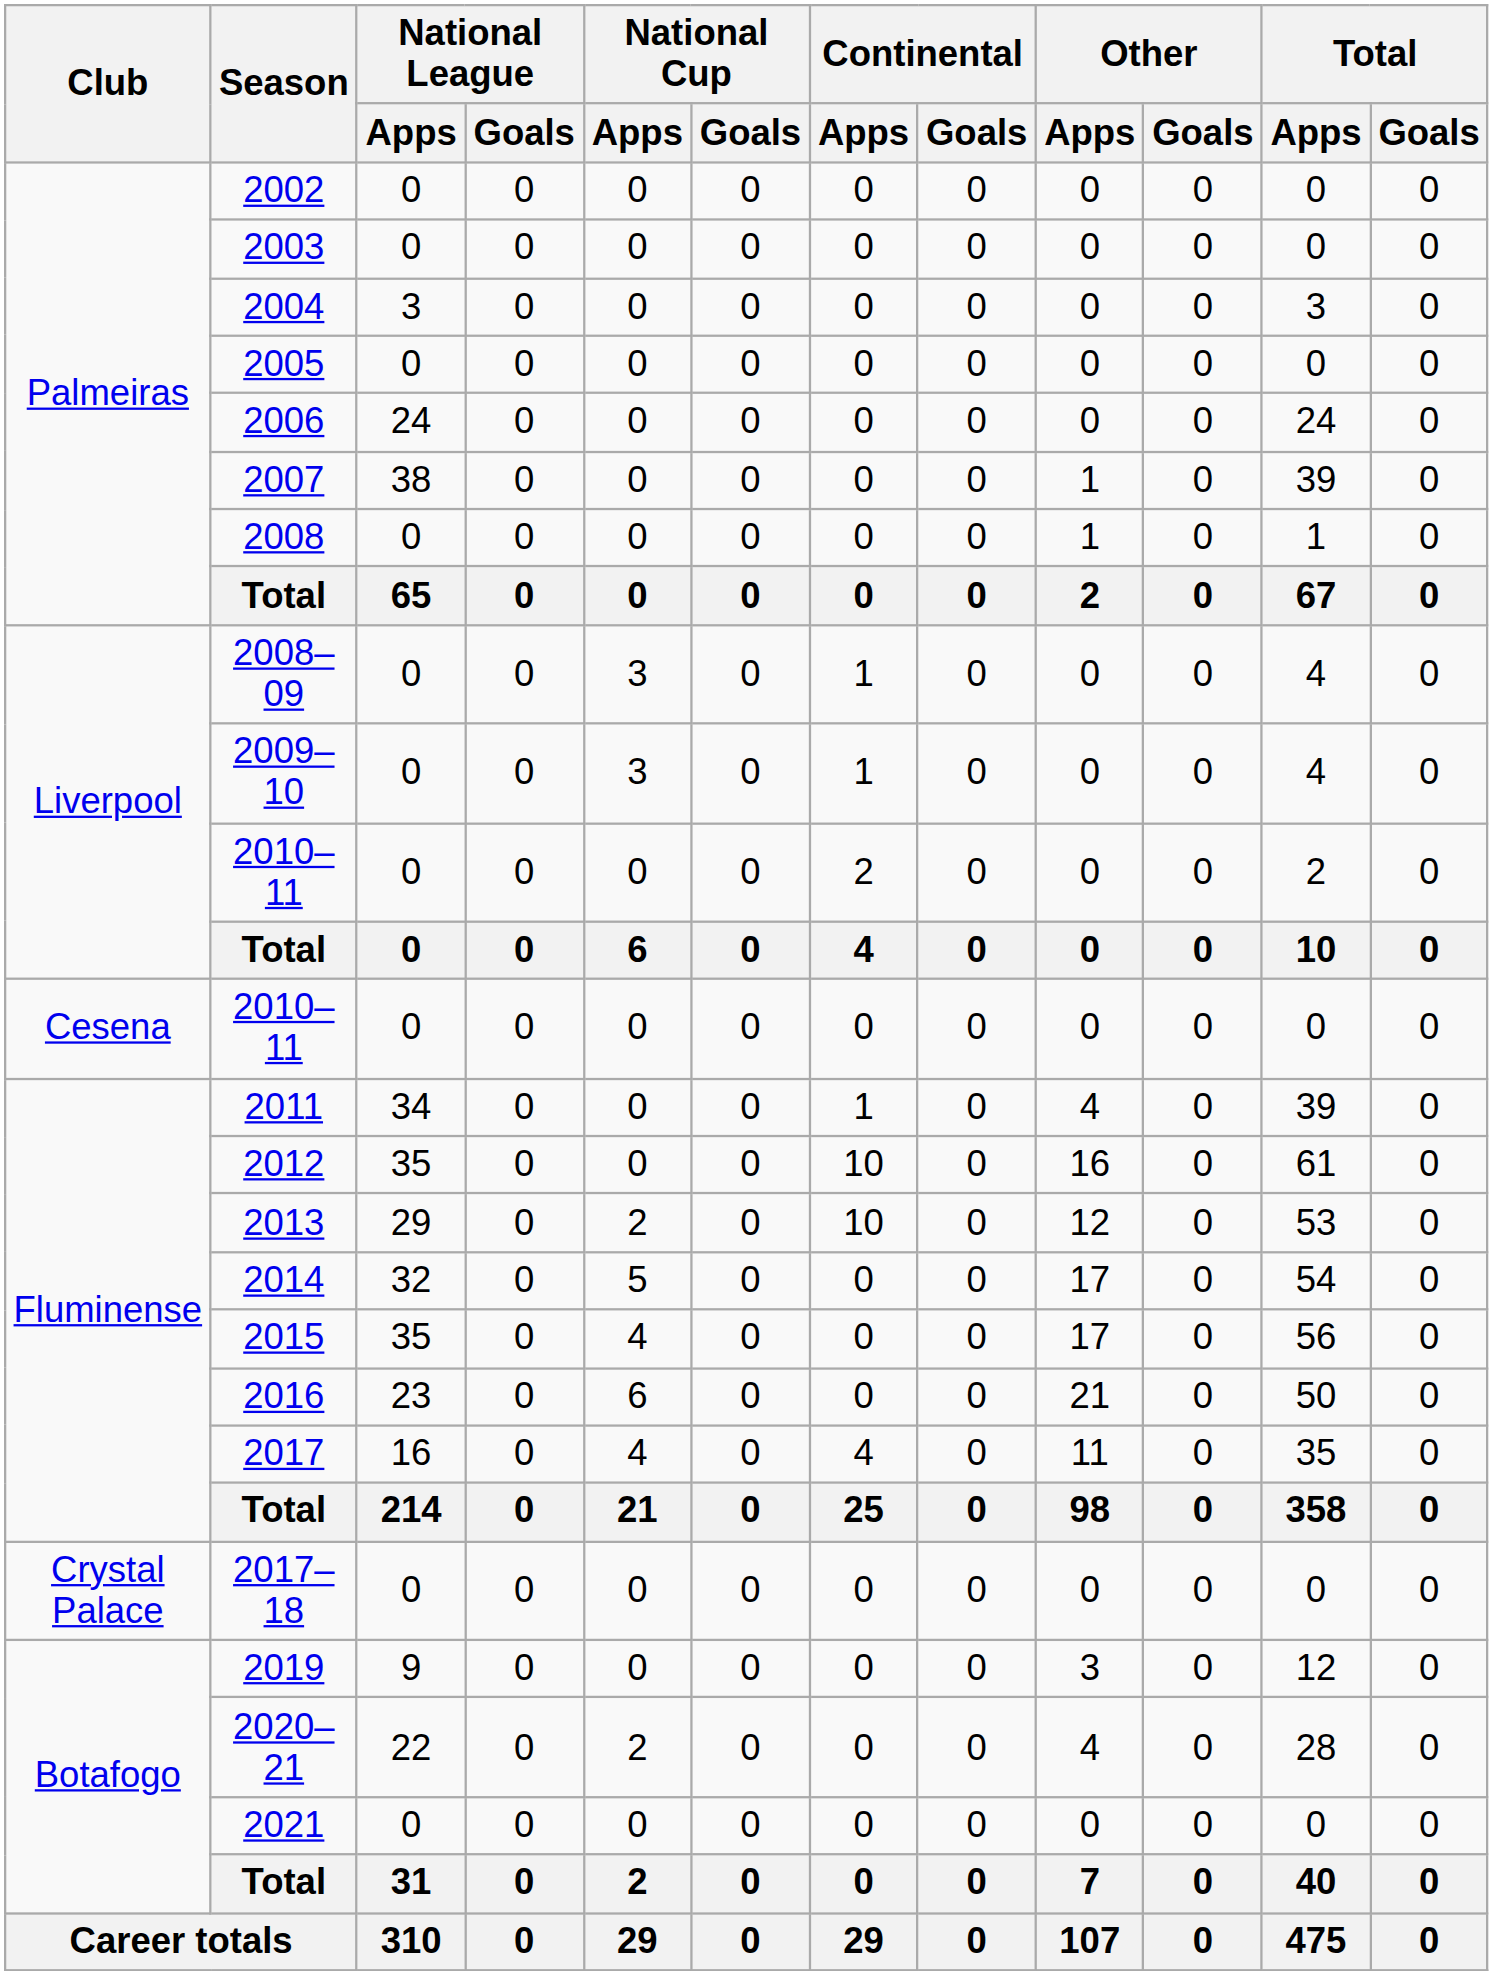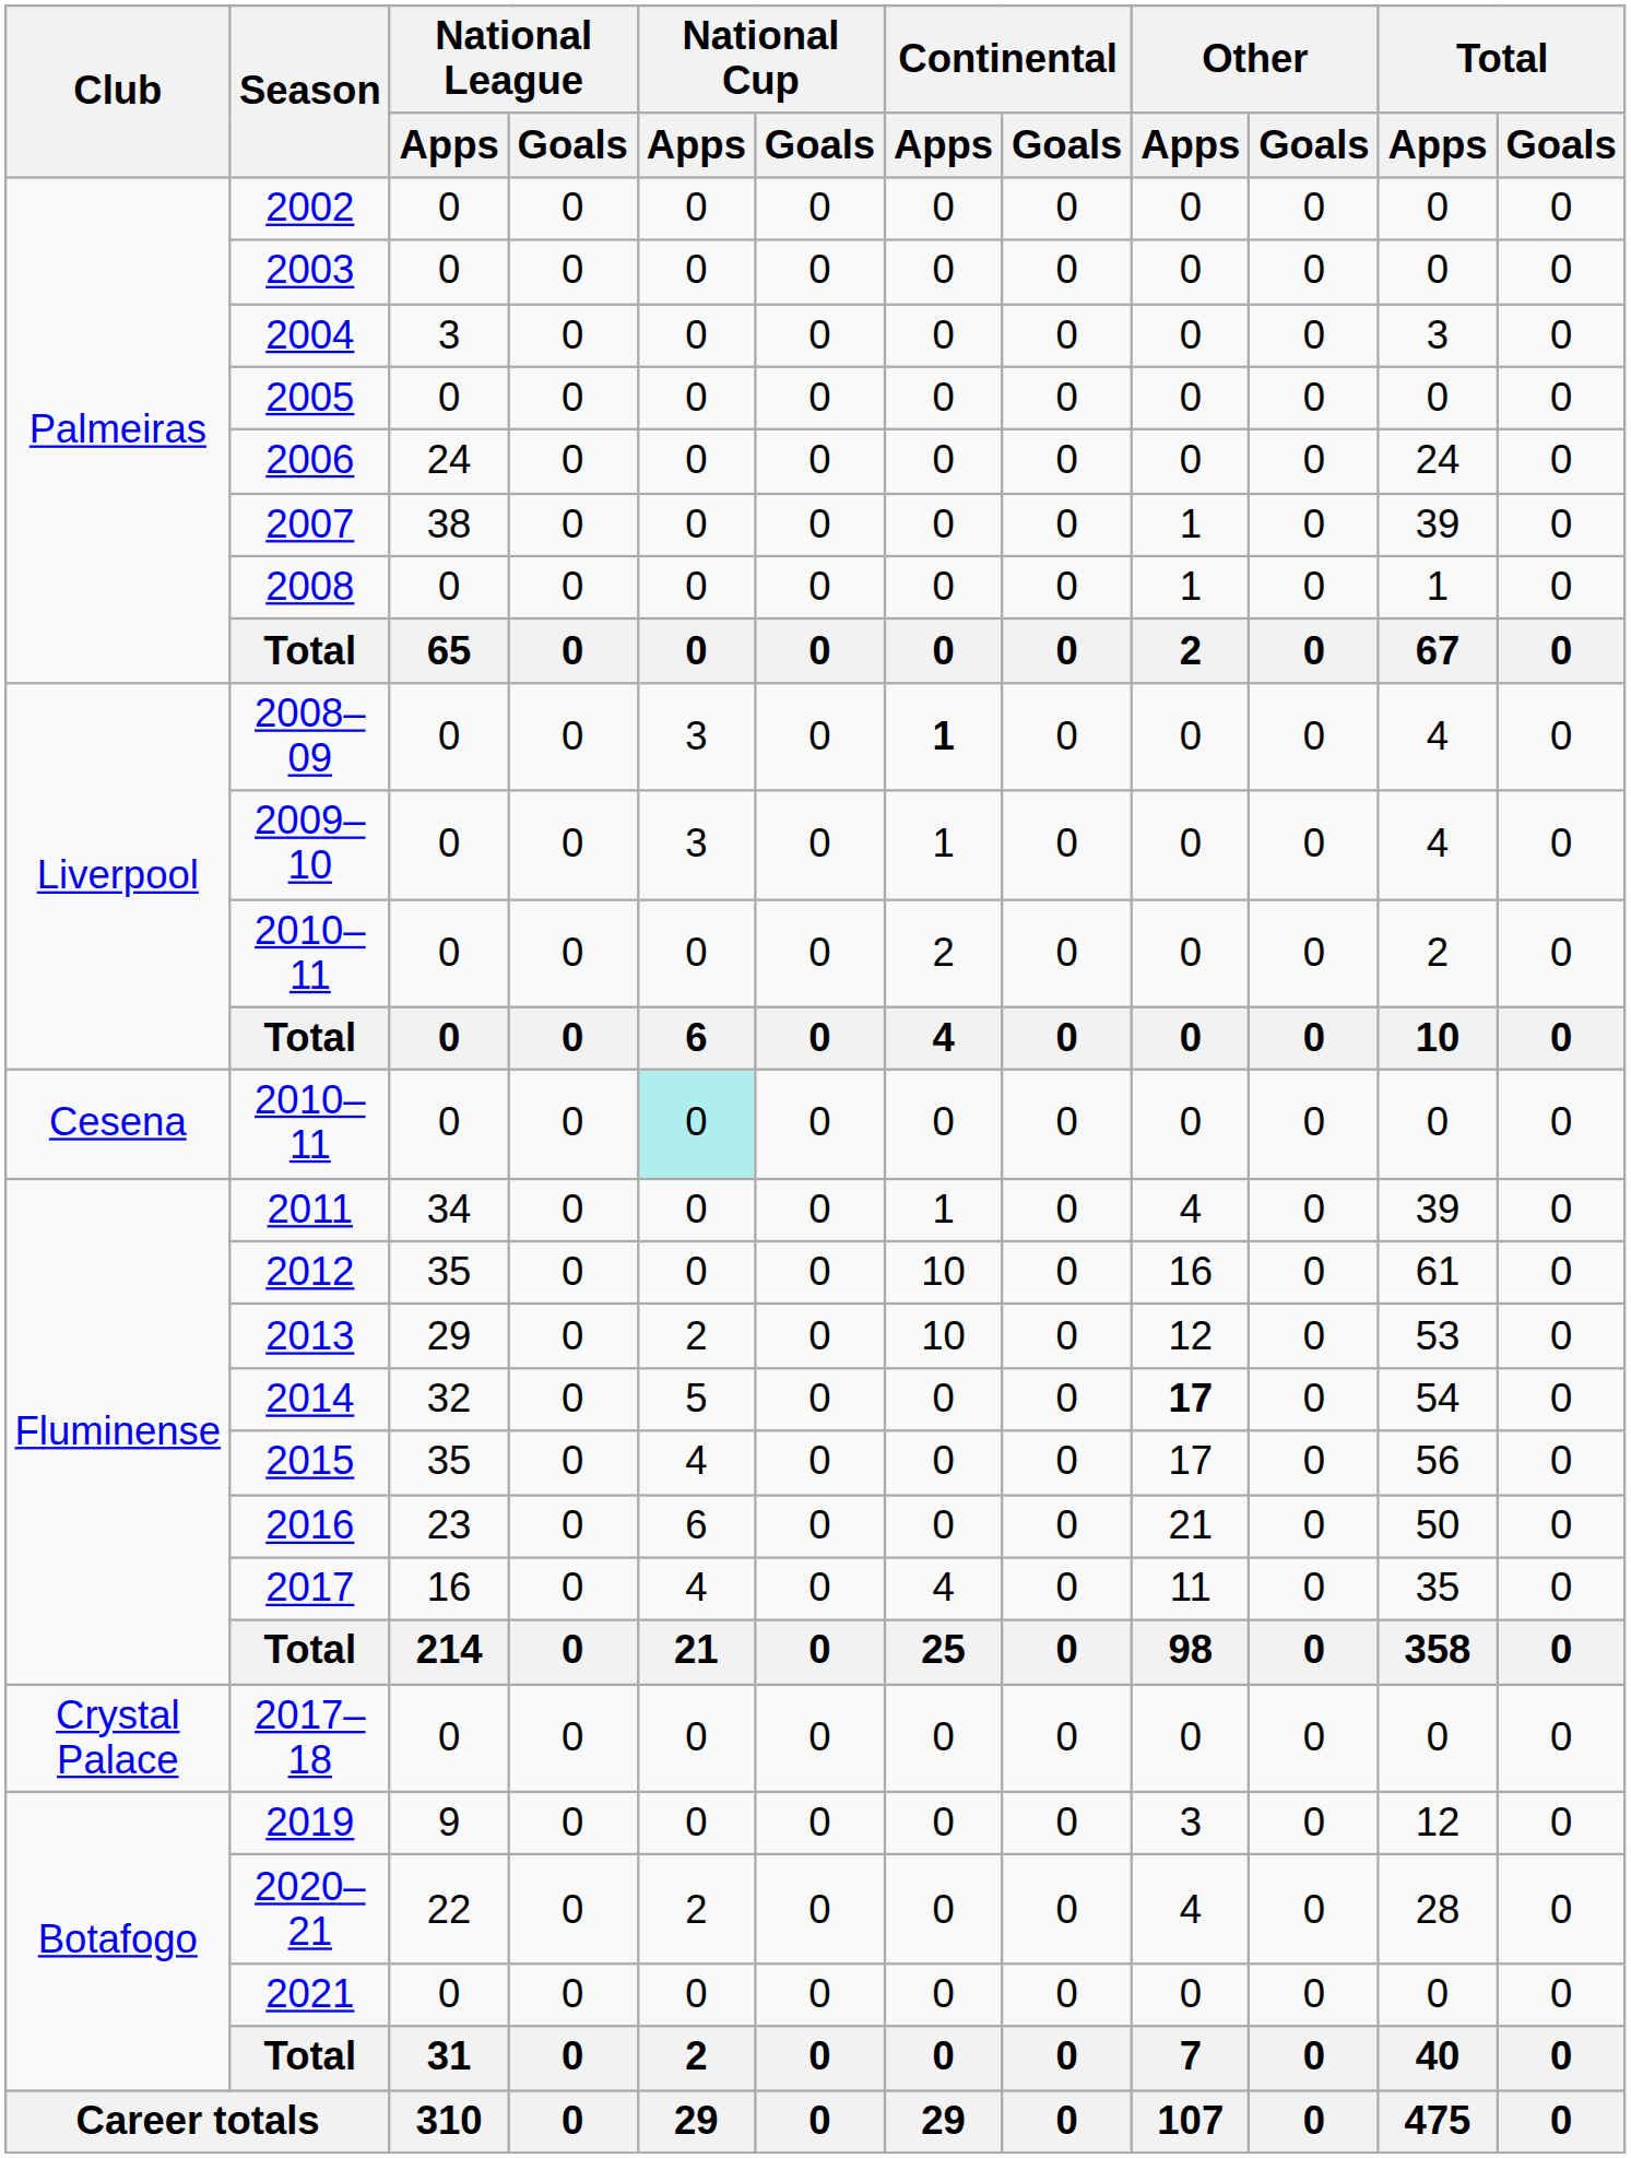 <table class="wikitable" style="text-align: center;">
 <tr>
 <th rowspan="2">Club</th>
 <th rowspan="2">Season</th>
 <th colspan="2">National League</th>
 <th colspan="2">National Cup</th>
 <th colspan="2">Continental</th>
 <th colspan="2">Other</th>
 <th colspan="2">Total</th>
 </tr>
 <tr>
 <th>Apps</th>
 <th>Goals</th>
 <th>Apps</th>
 <th>Goals</th>
 <th>Apps</th>
 <th>Goals</th>
 <th>Apps</th>
 <th>Goals</th>
 <th>Apps</th>
 <th>Goals</th>
 </tr>
 <tr>
 <td rowspan="8"><a href='#'>Palmeiras</a></td>
 <td><a href='#'>2002</a></td>
 <td>0</td>
 <td>0</td>
 <td>0</td>
 <td>0</td>
 <td>0</td>
 <td>0</td>
 <td>0</td>
 <td>0</td>
 <td>0</td>
 <td>0</td>
 </tr>
 <tr>
 <td><a href='#'>2003</a></td>
 <td>0</td>
 <td>0</td>
 <td>0</td>
 <td>0</td>
 <td>0</td>
 <td>0</td>
 <td>0</td>
 <td>0</td>
 <td>0</td>
 <td>0</td>
 </tr>
 <tr>
 <td><a href='#'>2004</a></td>
 <td>3</td>
 <td>0</td>
 <td>0</td>
 <td>0</td>
 <td>0</td>
 <td>0</td>
 <td>0</td>
 <td>0</td>
 <td>3</td>
 <td>0</td>
 </tr>
 <tr>
 <td><a href='#'>2005</a></td>
 <td>0</td>
 <td>0</td>
 <td>0</td>
 <td>0</td>
 <td>0</td>
 <td>0</td>
 <td>0</td>
 <td>0</td>
 <td>0</td>
 <td>0</td>
 </tr>
 <tr>
 <td><a href='#'>2006</a></td>
 <td>24</td>
 <td>0</td>
 <td>0</td>
 <td>0</td>
 <td>0</td>
 <td>0</td>
 <td>0</td>
 <td>0</td>
 <td>24</td>
 <td>0</td>
 </tr>
 <tr>
 <td><a href='#'>2007</a></td>
 <td>38</td>
 <td>0</td>
 <td>0</td>
 <td>0</td>
 <td>0</td>
 <td>0</td>
 <td>1</td>
 <td>0</td>
 <td>39</td>
 <td>0</td>
 </tr>
 <tr>
 <td><a href='#'>2008</a></td>
 <td>0</td>
 <td>0</td>
 <td>0</td>
 <td>0</td>
 <td>0</td>
 <td>0</td>
 <td>1</td>
 <td>0</td>
 <td>1</td>
 <td>0</td>
 </tr>
 <tr>
 <th>Total</th>
 <th>65</th>
 <th>0</th>
 <th>0</th>
 <th>0</th>
 <th>0</th>
 <th>0</th>
 <th>2</th>
 <th>0</th>
 <th>67</th>
 <th>0</th>
 </tr>
 <tr>
 <td rowspan="4"><a href='#'>Liverpool</a></td>
 <td><a href='#'>2008–09</a></td>
 <td>0</td>
 <td>0</td>
 <td>3</td>
 <td>0</td>
-<td>1</td>
+<td><strong>1</strong></td>
 <td>0</td>
 <td>0</td>
 <td>0</td>
 <td>4</td>
 <td>0</td>
 </tr>
 <tr>
 <td><a href='#'>2009–10</a></td>
 <td>0</td>
 <td>0</td>
 <td>3</td>
 <td>0</td>
 <td>1</td>
 <td>0</td>
 <td>0</td>
 <td>0</td>
 <td>4</td>
 <td>0</td>
 </tr>
 <tr>
 <td><a href='#'>2010–11</a></td>
 <td>0</td>
 <td>0</td>
 <td>0</td>
 <td>0</td>
 <td>2</td>
 <td>0</td>
 <td>0</td>
 <td>0</td>
 <td>2</td>
 <td>0</td>
 </tr>
 <tr>
 <th>Total</th>
 <th>0</th>
 <th>0</th>
 <th>6</th>
 <th>0</th>
 <th>4</th>
 <th>0</th>
 <th>0</th>
 <th>0</th>
 <th>10</th>
 <th>0</th>
 </tr>
 <tr>
 <td><a href='#'>Cesena</a></td>
 <td><a href='#'>2010–11</a></td>
 <td>0</td>
 <td>0</td>
-<td>0</td>
+<td style="background: paleturquoise;">0</td>
 <td>0</td>
 <td>0</td>
 <td>0</td>
 <td>0</td>
 <td>0</td>
 <td>0</td>
 <td>0</td>
 </tr>
 <tr>
 <td rowspan="8"><a href='#'>Fluminense</a></td>
 <td><a href='#'>2011</a></td>
 <td>34</td>
 <td>0</td>
 <td>0</td>
 <td>0</td>
 <td>1</td>
 <td>0</td>
 <td>4</td>
 <td>0</td>
 <td>39</td>
 <td>0</td>
 </tr>
 <tr>
 <td><a href='#'>2012</a></td>
 <td>35</td>
 <td>0</td>
 <td>0</td>
 <td>0</td>
 <td>10</td>
 <td>0</td>
 <td>16</td>
 <td>0</td>
 <td>61</td>
 <td>0</td>
 </tr>
 <tr>
 <td><a href='#'>2013</a></td>
 <td>29</td>
 <td>0</td>
 <td>2</td>
 <td>0</td>
 <td>10</td>
 <td>0</td>
 <td>12</td>
 <td>0</td>
 <td>53</td>
 <td>0</td>
 </tr>
 <tr>
 <td><a href='#'>2014</a></td>
 <td>32</td>
 <td>0</td>
 <td>5</td>
 <td>0</td>
 <td>0</td>
 <td>0</td>
-<td>17</td>
+<td><strong>17</strong></td>
 <td>0</td>
 <td>54</td>
 <td>0</td>
 </tr>
 <tr>
 <td><a href='#'>2015</a></td>
 <td>35</td>
 <td>0</td>
 <td>4</td>
 <td>0</td>
 <td>0</td>
 <td>0</td>
 <td>17</td>
 <td>0</td>
 <td>56</td>
 <td>0</td>
 </tr>
 <tr>
 <td><a href='#'>2016</a></td>
 <td>23</td>
 <td>0</td>
 <td>6</td>
 <td>0</td>
 <td>0</td>
 <td>0</td>
 <td>21</td>
 <td>0</td>
 <td>50</td>
 <td>0</td>
 </tr>
 <tr>
 <td><a href='#'>2017</a></td>
 <td>16</td>
 <td>0</td>
 <td>4</td>
 <td>0</td>
 <td>4</td>
 <td>0</td>
 <td>11</td>
 <td>0</td>
 <td>35</td>
 <td>0</td>
 </tr>
 <tr>
 <th>Total</th>
 <th>214</th>
 <th>0</th>
 <th>21</th>
 <th>0</th>
 <th>25</th>
 <th>0</th>
 <th>98</th>
 <th>0</th>
 <th>358</th>
 <th>0</th>
 </tr>
 <tr>
 <td><a href='#'>Crystal Palace</a></td>
 <td><a href='#'>2017–18</a></td>
 <td>0</td>
 <td>0</td>
 <td>0</td>
 <td>0</td>
 <td>0</td>
 <td>0</td>
 <td>0</td>
 <td>0</td>
 <td>0</td>
 <td>0</td>
 </tr>
 <tr>
 <td rowspan="4"><a href='#'>Botafogo</a></td>
 <td><a href='#'>2019</a></td>
 <td>9</td>
 <td>0</td>
 <td>0</td>
 <td>0</td>
 <td>0</td>
 <td>0</td>
 <td>3</td>
 <td>0</td>
 <td>12</td>
 <td>0</td>
 </tr>
 <tr>
 <td><a href='#'>2020–21</a></td>
 <td>22</td>
 <td>0</td>
 <td>2</td>
 <td>0</td>
 <td>0</td>
 <td>0</td>
 <td>4</td>
 <td>0</td>
 <td>28</td>
 <td>0</td>
 </tr>
 <tr>
 <td><a href='#'>2021</a></td>
 <td>0</td>
 <td>0</td>
 <td>0</td>
 <td>0</td>
 <td>0</td>
 <td>0</td>
 <td>0</td>
 <td>0</td>
 <td>0</td>
 <td>0</td>
 </tr>
 <tr>
 <th>Total</th>
 <th>31</th>
 <th>0</th>
 <th>2</th>
 <th>0</th>
 <th>0</th>
 <th>0</th>
 <th>7</th>
 <th>0</th>
 <th>40</th>
 <th>0</th>
 </tr>
 <tr>
 <th colspan="2">Career totals</th>
 <th>310</th>
 <th>0</th>
 <th>29</th>
 <th>0</th>
 <th>29</th>
 <th>0</th>
 <th>107</th>
 <th>0</th>
 <th>475</th>
 <th>0</th>
 </tr>
 <tr>
 </tr>
 </table>
